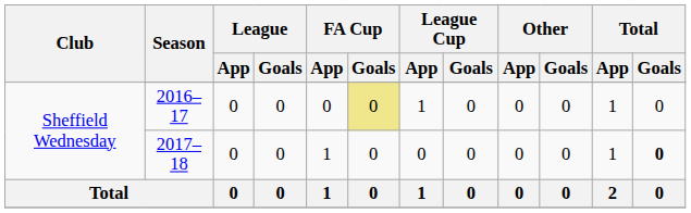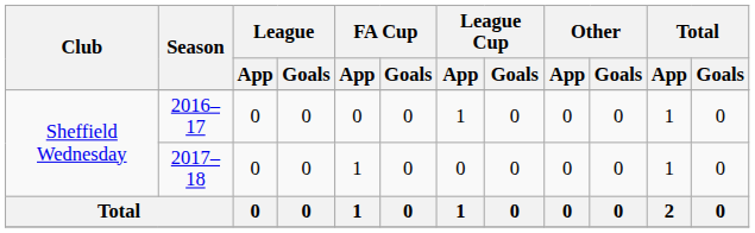 <table class="wikitable" style="text-align: center;">
 <tr>
 <th rowspan=2>Club</th>
 <th rowspan=2>Season</th>
 <th colspan=2>League</th>
 <th colspan=2>FA Cup</th>
 <th colspan=2>League Cup</th>
 <th colspan=2>Other</th>
 <th colspan=2>Total</th>
 </tr>
 <tr>
 <th>App</th>
 <th>Goals</th>
 <th>App</th>
 <th>Goals</th>
 <th>App</th>
 <th>Goals</th>
 <th>App</th>
 <th>Goals</th>
 <th>App</th>
 <th>Goals</th>
 </tr>
 <tr>
 <td rowspan="3" align="center"><a href='#'>Sheffield Wednesday</a></td>
 </tr>
 <tr>
 <td><a href='#'>2016–17</a></td>
 <td>0</td>
 <td>0</td>
 <td>0</td>
-<td style="background: khaki;">0</td>
+<td>0</td>
 <td>1</td>
 <td>0</td>
 <td>0</td>
 <td>0</td>
 <td>1</td>
 <td>0</td>
 </tr>
 <tr>
 <td><a href='#'>2017–18</a></td>
 <td>0</td>
 <td>0</td>
 <td>1</td>
 <td>0</td>
 <td>0</td>
 <td>0</td>
 <td>0</td>
 <td>0</td>
 <td>1</td>
-<td><strong>0</strong></td>
+<td>0</td>
 </tr>
 <tr>
 <th colspan="2">Total</th>
 <th>0</th>
 <th>0</th>
 <th>1</th>
 <th>0</th>
 <th>1</th>
 <th>0</th>
 <th>0</th>
 <th>0</th>
 <th>2</th>
 <th>0</th>
 </tr>
 <tr>
 </tr>
 </table>
